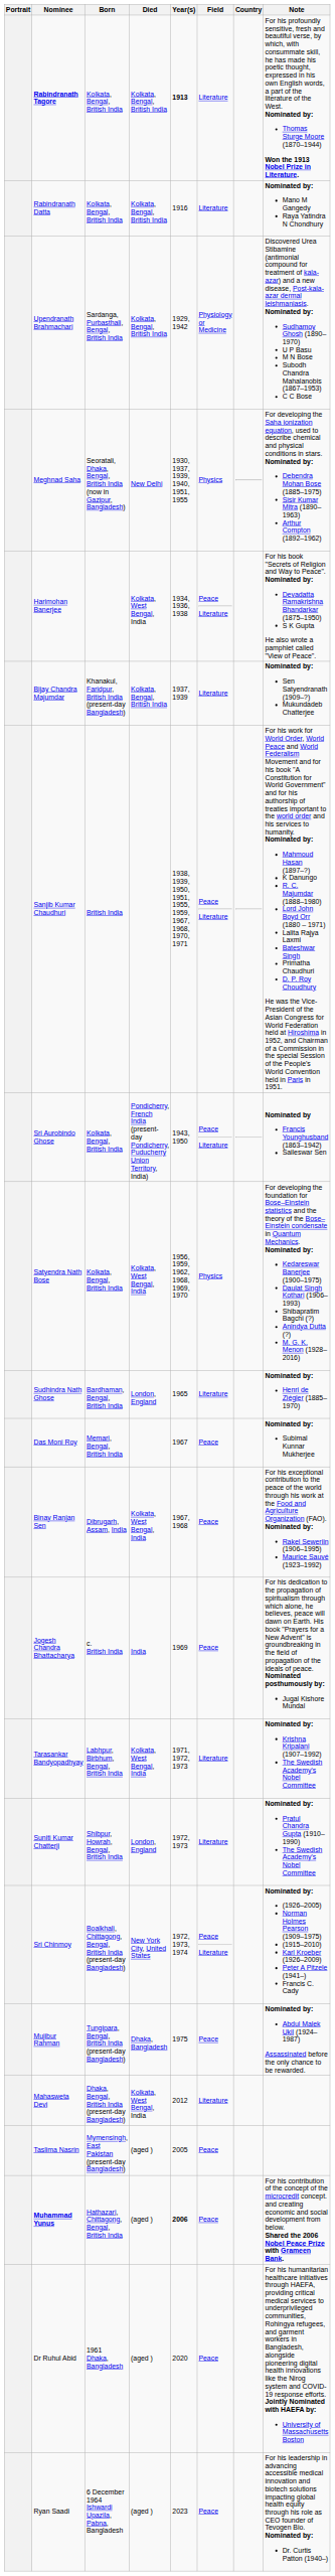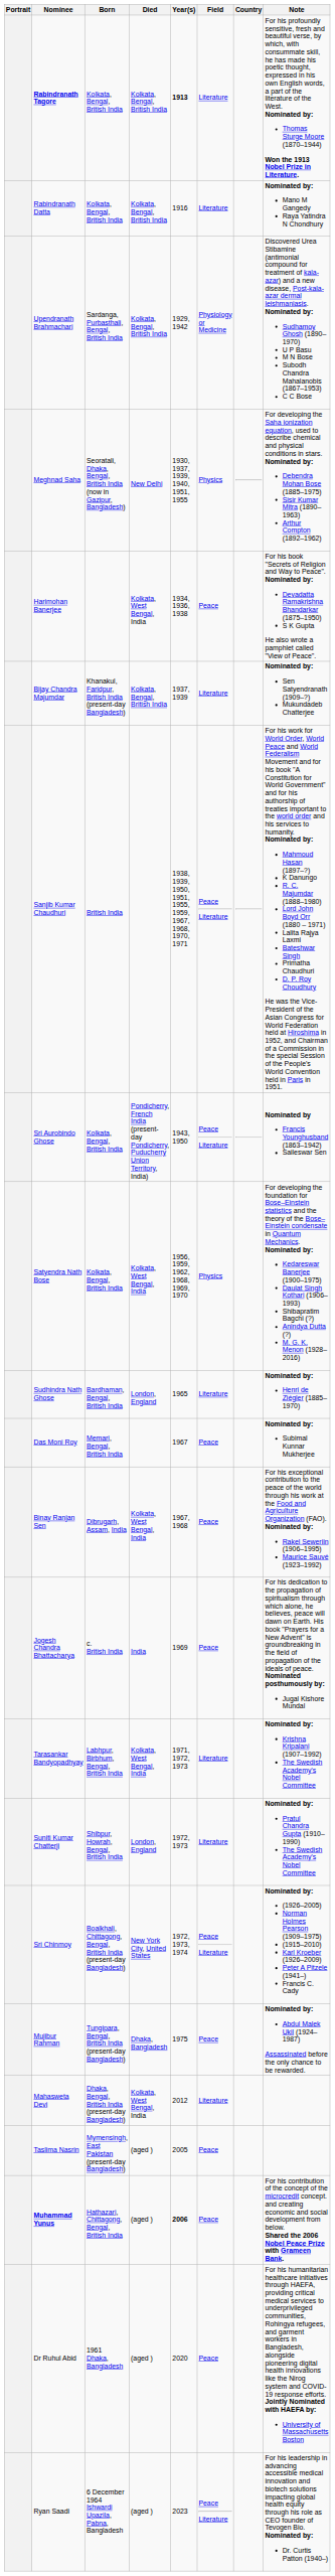 <table class="wikitable sortable sticky-header static-row-numbers static-row-header-hash col1center">
 <tr>
 <th class="unsortable">Portrait</th>
 <th>Nominee</th>
 <th>Born</th>
 <th>Died</th>
 <th>Year(s)</th>
 <th>Field</th>
 <th>Country</th>
 <th class="unsortable">Note</th>
 </tr>
 <tr>
 <th scope="row"></th>
 <td><a href='#'><strong>Rabindranath Tagore</strong></a></td>
 <td><br><a href='#'>Kolkata</a>, <a href='#'>Bengal</a>, <a href='#'>British India</a></td>
 <td><br><a href='#'>Kolkata</a>, <a href='#'>Bengal</a>, <a href='#'>British India</a></td>
 <td><strong>1913</strong></td>
 <td data-sort-value="1"><a href='#'>Literature</a></td>
 <td></td>
 <td>For his profoundly sensitive, fresh and beautiful verse, by which, with consummate skill, he has made his poetic thought, expressed in his own English words, a part of the literature of the West.<br><strong>Nominated by:</strong><br><ul><li><a href='#'>Thomas Sturge Moore</a> (1870–1944)</li></ul><strong>Won the 1913 <a href='#'>Nobel Prize in Literature</a>.</strong></td>
 </tr>
 <tr>
 <th scope="row"></th>
 <td><a href='#'>Rabindranath Datta</a></td>
 <td><br><a href='#'>Kolkata</a>, <a href='#'>Bengal</a>, <a href='#'>British India</a></td>
 <td><br><a href='#'>Kolkata</a>, <a href='#'>Bengal</a>, <a href='#'>British India</a></td>
 <td>1916</td>
 <td data-sort-value="1"><a href='#'>Literature</a></td>
 <td></td>
 <td><strong>Nominated by:</strong><br><ul><li>Mano M Gangedy</li><li>Raya Yatindra N Chondhury</li></ul></td>
 </tr>
 <tr>
 <th scope="row"></th>
 <td><a href='#'>Upendranath Brahmachari</a></td>
 <td><br>Sardanga, <a href='#'>Purbasthali</a>, <a href='#'>Bengal</a>, <a href='#'>British India</a></td>
 <td><br><a href='#'>Kolkata</a>, <a href='#'>Bengal</a>, <a href='#'>British India</a></td>
 <td>1929, 1942</td>
 <td data-sort-value="5"><a href='#'>Physiology or Medicine</a></td>
 <td></td>
 <td>Discovered Urea Stibamine (antimonial compound for treatment of <a href='#'>kala-azar</a>) and a new disease, <a href='#'>Post-kala-azar dermal leishmaniasis</a>.<br><strong>Nominated by:</strong><br><ul><li><a href='#'>Sudhamoy Ghosh</a> (1890–1970)</li><li>U P Basu</li><li>M N Bose</li><li>Subodh Chandra Mahalanobis (1867–1953)</li><li>C C Bose</li></ul></td>
 </tr>
 <tr>
 <th scope="row"></th>
 <td><a href='#'>Meghnad Saha</a></td>
 <td><br>Seoratali, <a href='#'>Dhaka</a>, <a href='#'>Bengal</a>, <a href='#'>British India</a><br>(now in <a href='#'>Gazipur</a>, <a href='#'>Bangladesh</a>)</td>
 <td> <br><a href='#'>New Delhi</a></td>
 <td>1930, 1937, 1939, 1940, 1951, 1955</td>
 <td data-sort-value="4"><a href='#'>Physics</a></td>
 <td><hr></td>
 <td>For developing the <a href='#'>Saha ionization equation</a>, used to describe chemical and physical conditions in stars.<br><strong>Nominated by:</strong><br><ul><li><a href='#'>Debendra Mohan Bose</a> (1885–1975)</li><li><a href='#'>Sisir Kumar Mitra</a> (1890–1963)</li><li><a href='#'>Arthur Compton</a> (1892–1962)</li></ul></td>
 </tr>
 <tr>
 <th scope="row"></th>
 <td><a href='#'>Harimohan Banerjee</a></td>
 <td></td>
 <td><br><a href='#'>Kolkata</a>, <a href='#'>West Bengal</a>, India</td>
 <td>1934, 1936, 1938</td>
-<td data-sort-value="2"><a href='#'>Peace</a><hr><a href='#'>Literature</a></td>
+<td><a href='#'>Peace</a></td>
 <td></td>
 <td>For his book "Secrets of Religion and Way to Peace".<br><strong>Nominated by:</strong><br><ul><li><a href='#'>Devadatta Ramakrishna Bhandarkar</a> (1875–1950)</li><li>S K Gupta</li></ul>He also wrote a pamphlet called "View of Peace".</td>
 </tr>
 <tr>
 <th scope="row"></th>
 <td><a href='#'>Bijay Chandra Majumdar</a></td>
 <td><br>Khanakul, <a href='#'>Faridpur</a>, <a href='#'>British India</a><br>(present-day <a href='#'>Bangladesh</a>)</td>
 <td><br><a href='#'>Kolkata</a>, <a href='#'>Bengal</a>, <a href='#'>British India</a></td>
 <td>1937, 1939</td>
 <td data-sort-value="1"><a href='#'>Literature</a></td>
 <td></td>
 <td><strong>Nominated by:</strong><br><ul><li>Sen Satyendranath (1909–?)</li><li>Mukundadeb Chatterjee</li></ul></td>
 </tr>
 <tr>
 <th></th>
 <td><a href='#'>Sanjib Kumar Chaudhuri</a></td>
 <td><br><a href='#'>British India</a></td>
 <td></td>
 <td>1938, 1939, 1950, 1951, 1955, 1959, 1967, 1968, 1970, 1971</td>
 <td data-sort-value="2"><a href='#'>Peace</a><hr><a href='#'>Literature</a></td>
 <td><hr></td>
 <td>For his work for <a href='#'>World Order</a>, <a href='#'>World Peace</a> and <a href='#'>World Federalism</a> Movement and for his book "A Constitution for World Government" and for his authorship of treaties important to the <a href='#'>world order</a> and his services to humanity.<br><strong>Nominated by:</strong><br><ul><li><a href='#'>Mahmoud Hasan</a> (1897–?)</li><li>K Danungo</li><li><a href='#'>R. C. Majumdar</a> (1888–1980)</li><li><a href='#'>Lord John Boyd Orr</a> (1880 – 1971)</li><li>Lalita Rajya Laxmi</li><li><a href='#'>Bateshwar Singh</a></li><li>Primatha Chaudhuri</li><li><a href='#'>D. P. Roy Choudhury</a></li></ul>He was the Vice-President of the Asian Congress for World Federation held at <a href='#'>Hiroshima</a> in 1952, and Chairman of a Commission in the special Session of the People's World Convention held in <a href='#'>Paris</a> in 1951.</td>
 </tr>
 <tr>
 <th scope="row"></th>
 <td><a href='#'>Sri Aurobindo Ghose</a></td>
 <td><br><a href='#'>Kolkata</a>, <a href='#'>Bengal</a>, <a href='#'>British India</a></td>
 <td><br><a href='#'>Pondicherry</a>, <a href='#'>French India</a><br>(present-day <a href='#'>Pondicherry</a>, <a href='#'>Puducherry Union Territory</a>, India)</td>
 <td>1943, 1950</td>
 <td data-sort-value="2"><a href='#'>Peace</a><hr><a href='#'>Literature</a></td>
 <td><hr></td>
 <td><strong>Nominated by</strong><br><ul><li><a href='#'>Francis Younghusband</a> (1863–1942)</li><li>Saileswar Sen</li></ul></td>
 </tr>
 <tr>
 <th scope="row"></th>
 <td><a href='#'>Satyendra Nath Bose</a></td>
 <td><br><a href='#'>Kolkata</a>, <a href='#'>Bengal</a>, <a href='#'>British India</a></td>
 <td><br><a href='#'>Kolkata</a>, <a href='#'>West Bengal</a>, <a href='#'>India</a></td>
 <td>1956, 1959, 1962, 1968, 1969, 1970</td>
 <td data-sort-value="4"><a href='#'>Physics</a></td>
 <td></td>
 <td>For developing the foundation for <a href='#'>Bose–Einstein statistics</a> and the theory of the <a href='#'>Bose–Einstein condensate</a> in <a href='#'>Quantum Mechanics</a>.<br><strong>Nominated by:</strong><br><ul><li><a href='#'>Kedareswar Banerjee</a> (1900–1975)</li><li><a href='#'>Daulat Singh Kothari</a> (1906–1993)</li><li>Shibapratim Bagchi (?)</li><li><a href='#'>Anindya Dutta</a> (?)</li><li><a href='#'>M. G. K. Menon</a> (1928–2016)</li></ul></td>
 </tr>
 <tr>
 <th></th>
 <td><a href='#'>Sudhindra Nath Ghose</a></td>
 <td><br><a href='#'>Bardhaman</a>, <a href='#'>Bengal</a>, <a href='#'>British India</a></td>
 <td><br><a href='#'>London</a>, <a href='#'>England</a></td>
 <td>1965</td>
 <td data-sort-value="1"><a href='#'>Literature</a></td>
 <td></td>
 <td><strong>Nominated by:</strong><br><ul><li><a href='#'>Henri de Ziégler</a> (1885–1970)</li></ul></td>
 </tr>
 <tr>
 <th></th>
 <td><a href='#'>Das Moni Roy</a></td>
 <td><br><a href='#'>Memari</a>, <a href='#'>Bengal</a>, <a href='#'>British India</a></td>
 <td></td>
 <td>1967</td>
 <td data-sort-value="3"><a href='#'>Peace</a></td>
 <td></td>
 <td><strong>Nominated by:</strong><br><ul><li>Subimal Kunnar Mukherjee</li></ul></td>
 </tr>
 <tr>
 <th></th>
 <td><a href='#'>Binay Ranjan Sen</a></td>
 <td><br><a href='#'>Dibrugarh</a>, <a href='#'>Assam</a>, <a href='#'>India</a></td>
 <td><br><a href='#'>Kolkata</a>, <a href='#'>West Bengal</a>, <a href='#'>India</a></td>
 <td>1967, 1968</td>
 <td data-sort-value="3"><a href='#'>Peace</a></td>
 <td></td>
 <td>For his exceptional contribution to the peace of the world through his work at the <a href='#'>Food and Agriculture Organization</a> (FAO).<br><strong>Nominated by:</strong><br><ul><li><a href='#'>Rakel Seweriin</a> (1906–1995)</li><li><a href='#'>Maurice Sauvé</a> (1923–1992)</li></ul></td>
 </tr>
 <tr>
 <th></th>
 <td><a href='#'>Jogesh Chandra Bhattacharya</a></td>
 <td>c. <br><a href='#'>British India</a></td>
 <td><br><a href='#'>India</a></td>
 <td>1969</td>
 <td data-sort-value="3"><a href='#'>Peace</a></td>
 <td></td>
 <td>For his dedication to the propagation of spiritualism through which alone, he believes, peace will dawn on Earth. His book "Prayers for a New Advent" is groundbreaking in the field of propagation of the ideals of peace.<br><strong>Nominated posthumously by:</strong><br><ul><li>Jugal Kishore Mundal</li></ul></td>
 </tr>
 <tr>
 <th scope="row"></th>
 <td><a href='#'>Tarasankar Bandyopadhyay</a></td>
 <td><br><a href='#'>Labhpur</a>, <a href='#'>Birbhum</a>, <a href='#'>Bengal</a>, <a href='#'>British India</a></td>
 <td><br><a href='#'>Kolkata</a>, <a href='#'>West Bengal</a>, <a href='#'>India</a></td>
 <td>1971, 1972, 1973</td>
 <td data-sort-value="1"><a href='#'>Literature</a></td>
 <td></td>
 <td><strong>Nominated by:</strong><br><ul><li><a href='#'>Krishna Kripalani</a> (1907–1992)</li><li><a href='#'>The Swedish Academy’s Nobel Committee</a></li></ul></td>
 </tr>
 <tr>
 <th></th>
 <td><a href='#'>Suniti Kumar Chatterji</a></td>
 <td><br><a href='#'>Shibpur</a>, <a href='#'>Howrah</a>, <a href='#'>Bengal</a>, <a href='#'>British India</a></td>
 <td><br><a href='#'>London</a>, <a href='#'>England</a></td>
 <td>1972, 1973</td>
 <td data-sort-value="1"><a href='#'>Literature</a></td>
 <td></td>
 <td><strong>Nominated by:</strong><br><ul><li><a href='#'>Pratul Chandra Gupta</a> (1910–1990)</li><li><a href='#'>The Swedish Academy’s Nobel Committee</a></li></ul></td>
 </tr>
 <tr>
 <th></th>
 <td><a href='#'>Sri Chinmoy</a></td>
 <td><br><a href='#'>Boalkhali</a>, <a href='#'>Chittagong</a>, <a href='#'>Bengal</a>, <a href='#'>British India</a><br>(present-day <a href='#'>Bangladesh</a>)</td>
 <td><br><a href='#'>New York City</a>, <a href='#'>United States</a></td>
 <td>1972, 1973, 1974</td>
 <td data-sort-value="2"><a href='#'>Peace</a><hr><a href='#'>Literature</a></td>
 <td></td>
 <td><strong>Nominated by:</strong><br><ul><li> (1926–2005)</li><li><a href='#'>Norman Holmes Pearson</a> (1909–1975)</li><li> (1915–2010)</li><li><a href='#'>Karl Kroeber</a> (1926–2009)</li><li><a href='#'>Peter A Pitzele</a> (1941–)</li><li>Francis C. Cady</li></ul></td>
 </tr>
 <tr>
 <th></th>
 <td><a href='#'>Mujibur Rahman</a></td>
 <td><br><a href='#'>Tungipara</a>, <a href='#'>Bengal</a>, <a href='#'>British India</a><br>(present-day <a href='#'>Bangladesh</a>)</td>
 <td><br><a href='#'>Dhaka</a>, <a href='#'>Bangladesh</a></td>
 <td>1975</td>
 <td data-sort-value="3"><a href='#'>Peace</a></td>
 <td></td>
 <td><strong>Nominated by:</strong><br><ul><li><a href='#'>Abdul Malek Ukil</a> (1924–1987)</li></ul><a href='#'>Assassinated</a> before the only chance to be rewarded.</td>
 </tr>
 <tr>
 <th></th>
 <td><a href='#'>Mahasweta Devi</a></td>
 <td><br><a href='#'>Dhaka</a>, <a href='#'>Bengal</a>, <a href='#'>British India</a><br>(present-day <a href='#'>Bangladesh</a>)</td>
 <td><br><a href='#'>Kolkata</a>, <a href='#'>West Bengal</a>, India</td>
 <td>2012</td>
 <td data-sort-value="1"><a href='#'>Literature</a></td>
 <td></td>
 <td></td>
 </tr>
 <tr>
 <th></th>
 <td><a href='#'>Taslima Nasrin</a></td>
 <td><br><a href='#'>Mymensingh</a>, <a href='#'>East Pakistan</a><br>(present-day <a href='#'>Bangladesh</a>)</td>
 <td>(aged )</td>
 <td>2005</td>
 <td data-sort-value="3"><a href='#'>Peace</a></td>
 <td></td>
 <td></td>
 </tr>
 <tr>
 <th></th>
 <td><strong><a href='#'>Muhammad Yunus</a></strong></td>
 <td><br><a href='#'>Hathazari</a>, <a href='#'>Chittagong</a>, <a href='#'>Bengal</a>, <a href='#'>British India</a></td>
 <td>(aged )</td>
 <td><strong>2006</strong></td>
 <td data-sort-value="3"><a href='#'>Peace</a></td>
 <td></td>
 <td>For his contribution of the concept of the <a href='#'>microcredit</a> concept. and creating economic and social development from below.<br><strong>Shared the 2006 <a href='#'>Nobel Peace Prize</a> with <a href='#'>Grameen Bank</a>.</strong></td>
 </tr>
 <tr>
 <th></th>
 <td>Dr Ruhul Abid</td>
 <td>1961<br><a href='#'>Dhaka</a>, <a href='#'>Bangladesh</a></td>
 <td>(aged )</td>
 <td>2020</td>
 <td><a href='#'>Peace</a></td>
 <td><br></td>
 <td>For his humanitarian healthcare initiatives through HAEFA, providing critical medical services to underprivileged communities, Rohingya refugees, and garment workers in Bangladesh, alongside pioneering digital health innovations like the Nirog system and COVID-19 response efforts.<br><strong>Jointly Nominated with HAEFA by:</strong><ul><li><a href='#'>University of Massachusetts Boston</a></li></ul></td>
 </tr>
 <tr>
 <th></th>
 <td>Ryan Saadi</td>
 <td>6 December 1964<br><a href='#'>Ishwardi Upazila</a>, <a href='#'>Pabna</a>, Bangladesh</td>
 <td>(aged )</td>
 <td>2023</td>
-<td><a href='#'>Peace</a></td>
+<td data-sort-value="2"><a href='#'>Peace</a><hr><a href='#'>Literature</a></td>
 <td><br></td>
 <td>For his leadership in advancing accessible medical innovation and biotech solutions impacting global health equity through his role as CEO founder of Tevogen Bio.<br><strong>Nominated by:</strong><ul><li>Dr. Curtis Patton (1940–)</li></ul></td>
 </tr>
 </table>
